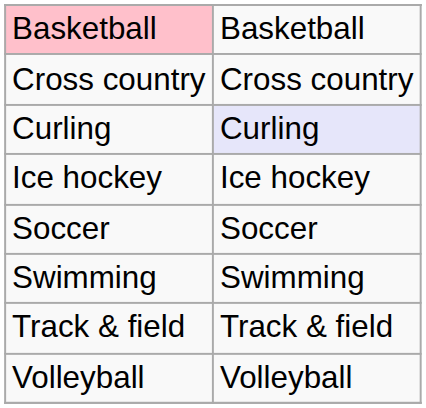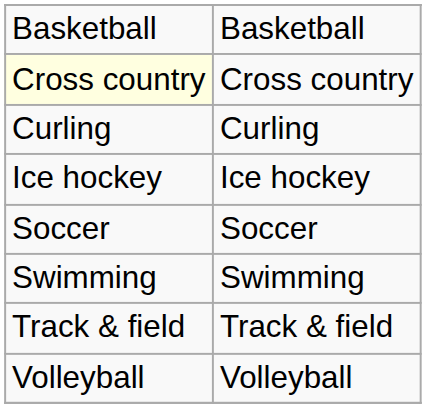 <table class="wikitable" style="float:right; clear:right; margin:0 0 1em 1em;">
 <tr>
 </tr>
 <tr>
-<td style="background: pink;">Basketball</td>
+<td>Basketball</td>
 <td>Basketball</td>
 </tr>
 <tr>
-<td>Cross country</td>
+<td style="background: lightyellow;">Cross country</td>
 <td>Cross country</td>
 </tr>
 <tr>
 <td>Curling</td>
-<td style="background: lavender;">Curling</td>
+<td>Curling</td>
 </tr>
 <tr>
 <td>Ice hockey</td>
 <td>Ice hockey</td>
 </tr>
 <tr>
 <td>Soccer</td>
 <td>Soccer</td>
 </tr>
 <tr>
 <td>Swimming</td>
 <td>Swimming</td>
 </tr>
 <tr>
 <td>Track & field</td>
 <td>Track & field</td>
 </tr>
 <tr>
 <td>Volleyball</td>
 <td>Volleyball</td>
 </tr>
 <tr>
 </tr>
 </table>
